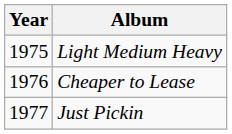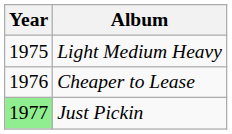 <table class="wikitable">
 <tr>
 <th>Year</th>
 <th>Album</th>
 </tr>
 <tr>
 <td>1975</td>
 <td><em>Light Medium Heavy</em></td>
 </tr>
 <tr>
 <td>1976</td>
 <td><em>Cheaper to Lease</em></td>
 </tr>
 <tr>
-<td>1977</td>
+<td style="background: lightgreen;">1977</td>
 <td><em>Just Pickin</em></td>
 </tr>
 </table>
